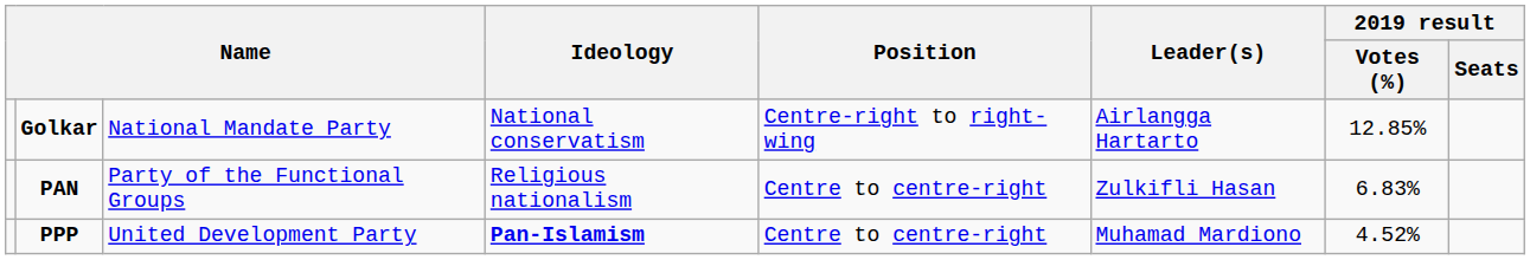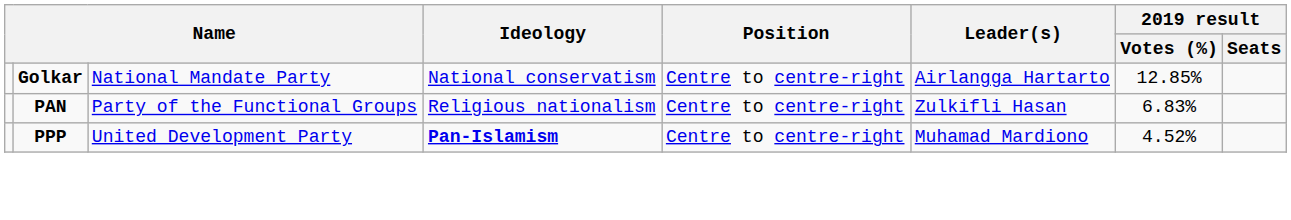 <table class="wikitable" style="width:73%;">
 <tr>
 <th colspan="3" rowspan="2">Name</th>
 <th rowspan="2">Ideology</th>
 <th rowspan="2">Position</th>
 <th rowspan="2">Leader(s)</th>
 <th colspan="2">2019 result</th>
 </tr>
 <tr>
 <th>Votes (%)</th>
 <th>Seats</th>
 </tr>
 <tr>
 <td style="background:"></td>
 <td style="text-align:center;"><strong>Golkar</strong></td>
 <td><a href='#'>National Mandate Party</a><br></td>
 <td><a href='#'>National conservatism</a></td>
-<td><a href='#'>Centre-right</a> to <a href='#'>right-wing</a></td>
+<td><a href='#'>Centre</a> to <a href='#'>centre-right</a></td>
 <td><a href='#'>Airlangga Hartarto</a></td>
 <td style="text-align:center;">12.85%</td>
 <td></td>
 </tr>
 <tr>
 <td style="background:"></td>
 <td style="text-align:center;"><strong>PAN</strong></td>
 <td><a href='#'>Party of the Functional Groups</a><br></td>
 <td><a href='#'>Religious nationalism</a></td>
 <td><a href='#'>Centre</a> to <a href='#'>centre-right</a></td>
 <td><a href='#'>Zulkifli Hasan</a></td>
 <td style="text-align:center;">6.83%</td>
 <td></td>
 </tr>
 <tr>
 <td style="background:"></td>
 <td style="text-align:center;"><strong>PPP</strong></td>
 <td><a href='#'>United Development Party</a><br></td>
 <td><strong><a href='#'>Pan-Islamism</a></strong></td>
 <td><a href='#'>Centre</a> to <a href='#'>centre-right</a></td>
 <td><a href='#'>Muhamad Mardiono</a></td>
 <td style="text-align:center;">4.52%</td>
 <td></td>
 </tr>
 </table>
